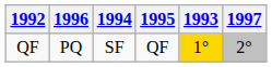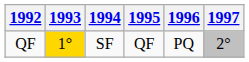 <table class="wikitable" style="margin:0.5em ; font-size:80%">
 <tr>
 <th><a href='#'>1992</a></th>
-<th><a href='#'>1996</a></th>
+<th><a href='#'>1993</a></th>
 <th><a href='#'>1994</a></th>
 <th><a href='#'>1995</a></th>
-<th><a href='#'>1993</a></th>
+<th><a href='#'>1996</a></th>
 <th><a href='#'>1997</a></th>
 </tr>
 <tr>
 <td align=center>QF</td>
-<td align=center>PQ</td>
+<td align=center style="background:gold;">1°</td>
 <td align=center>SF</td>
 <td align=center>QF</td>
-<td align=center style="background:gold;">1°</td>
+<td align=center>PQ</td>
 <td align=center style="background:silver;">2°</td>
 </tr>
 </table>
